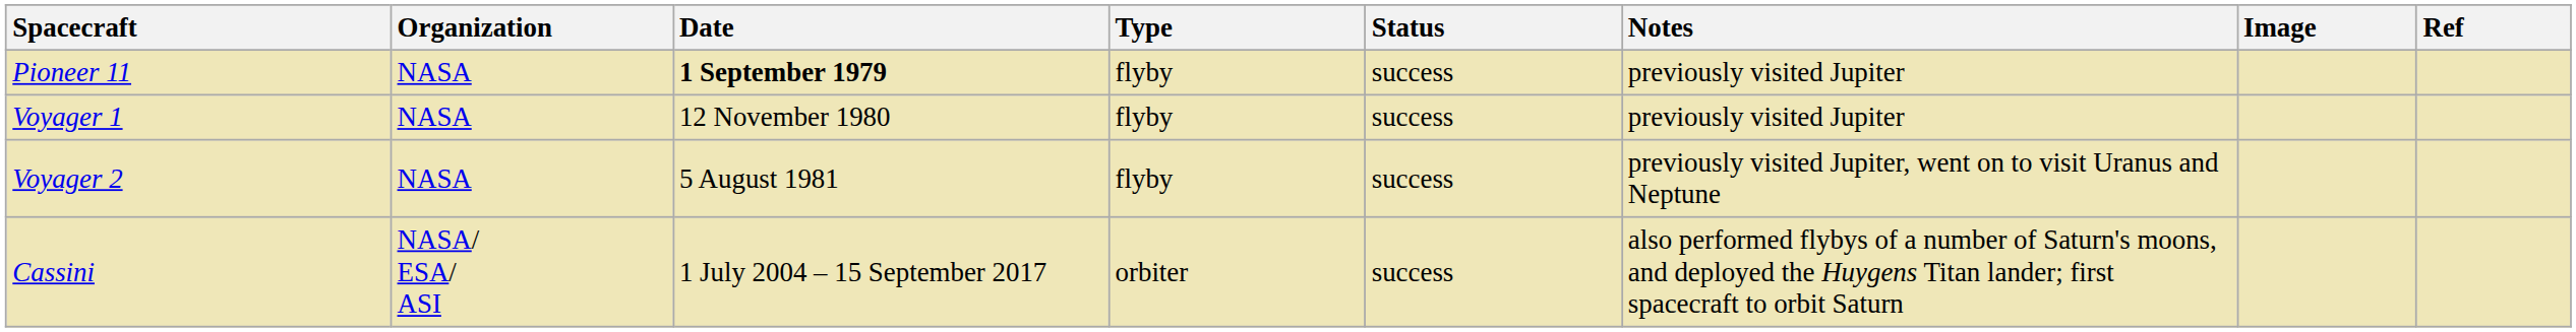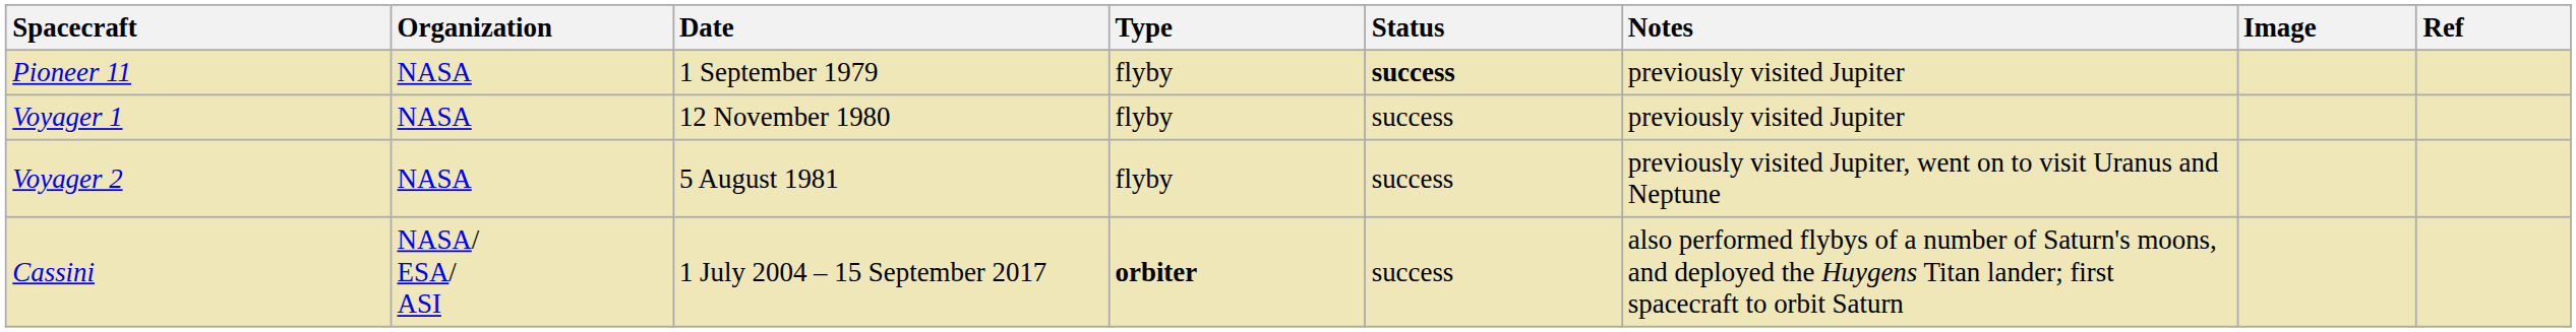 <table class="wikitable" style="margin: 1em auto 1em auto; width:90%; font-size:95%;">
 <tr>
 <th colspan="2"  style="text-align:left; width:15%;">Spacecraft</th>
 <th style="text-align:left; width:11%;">Organization</th>
 <th style="text-align:left; width:17%;">Date</th>
 <th style="text-align:left; width:10%;">Type</th>
 <th style="text-align:left; width:10%;">Status</th>
 <th style="text-align:left; width:24%;">Notes</th>
 <th style="text-align:left; width:7%;">Image</th>
 <th style="text-align:left; width:6%;">Ref</th>
 </tr>
 <tr style="background:#EFE7B8">
 <td colspan="2"><em><a href='#'>Pioneer 11</a></em></td>
 <td> <a href='#'>NASA</a></td>
-<td><strong>1 September 1979</strong></td>
+<td>1 September 1979</td>
 <td>flyby</td>
-<td>success</td>
+<td><strong>success</strong></td>
 <td>previously visited Jupiter</td>
 <td></td>
 <td></td>
 </tr>
 <tr style="background:#EFE7B8">
 <td colspan="2"><em><a href='#'>Voyager 1</a></em></td>
 <td> <a href='#'>NASA</a></td>
 <td>12 November 1980</td>
 <td>flyby</td>
 <td>success</td>
 <td>previously visited Jupiter</td>
 <td></td>
 <td></td>
 </tr>
 <tr style="background:#EFE7B8">
 <td colspan="2"><em><a href='#'>Voyager 2</a></em></td>
 <td> <a href='#'>NASA</a></td>
 <td>5 August 1981</td>
 <td>flyby</td>
 <td>success</td>
 <td>previously visited Jupiter, went on to visit Uranus and Neptune</td>
 <td></td>
 <td></td>
 </tr>
 <tr style="background:#EFE7B8">
 <td colspan="2"><em><a href='#'>Cassini</a></em></td>
 <td> <a href='#'>NASA</a>/<br> <a href='#'>ESA</a>/<br> <a href='#'>ASI</a></td>
 <td>1 July 2004 – 15 September 2017</td>
-<td>orbiter</td>
+<td><strong>orbiter</strong></td>
 <td>success</td>
 <td>also performed flybys of a number of Saturn's moons, and deployed the <em>Huygens</em> Titan lander; first spacecraft to orbit Saturn</td>
 <td></td>
 <td></td>
 </tr>
 </table>
